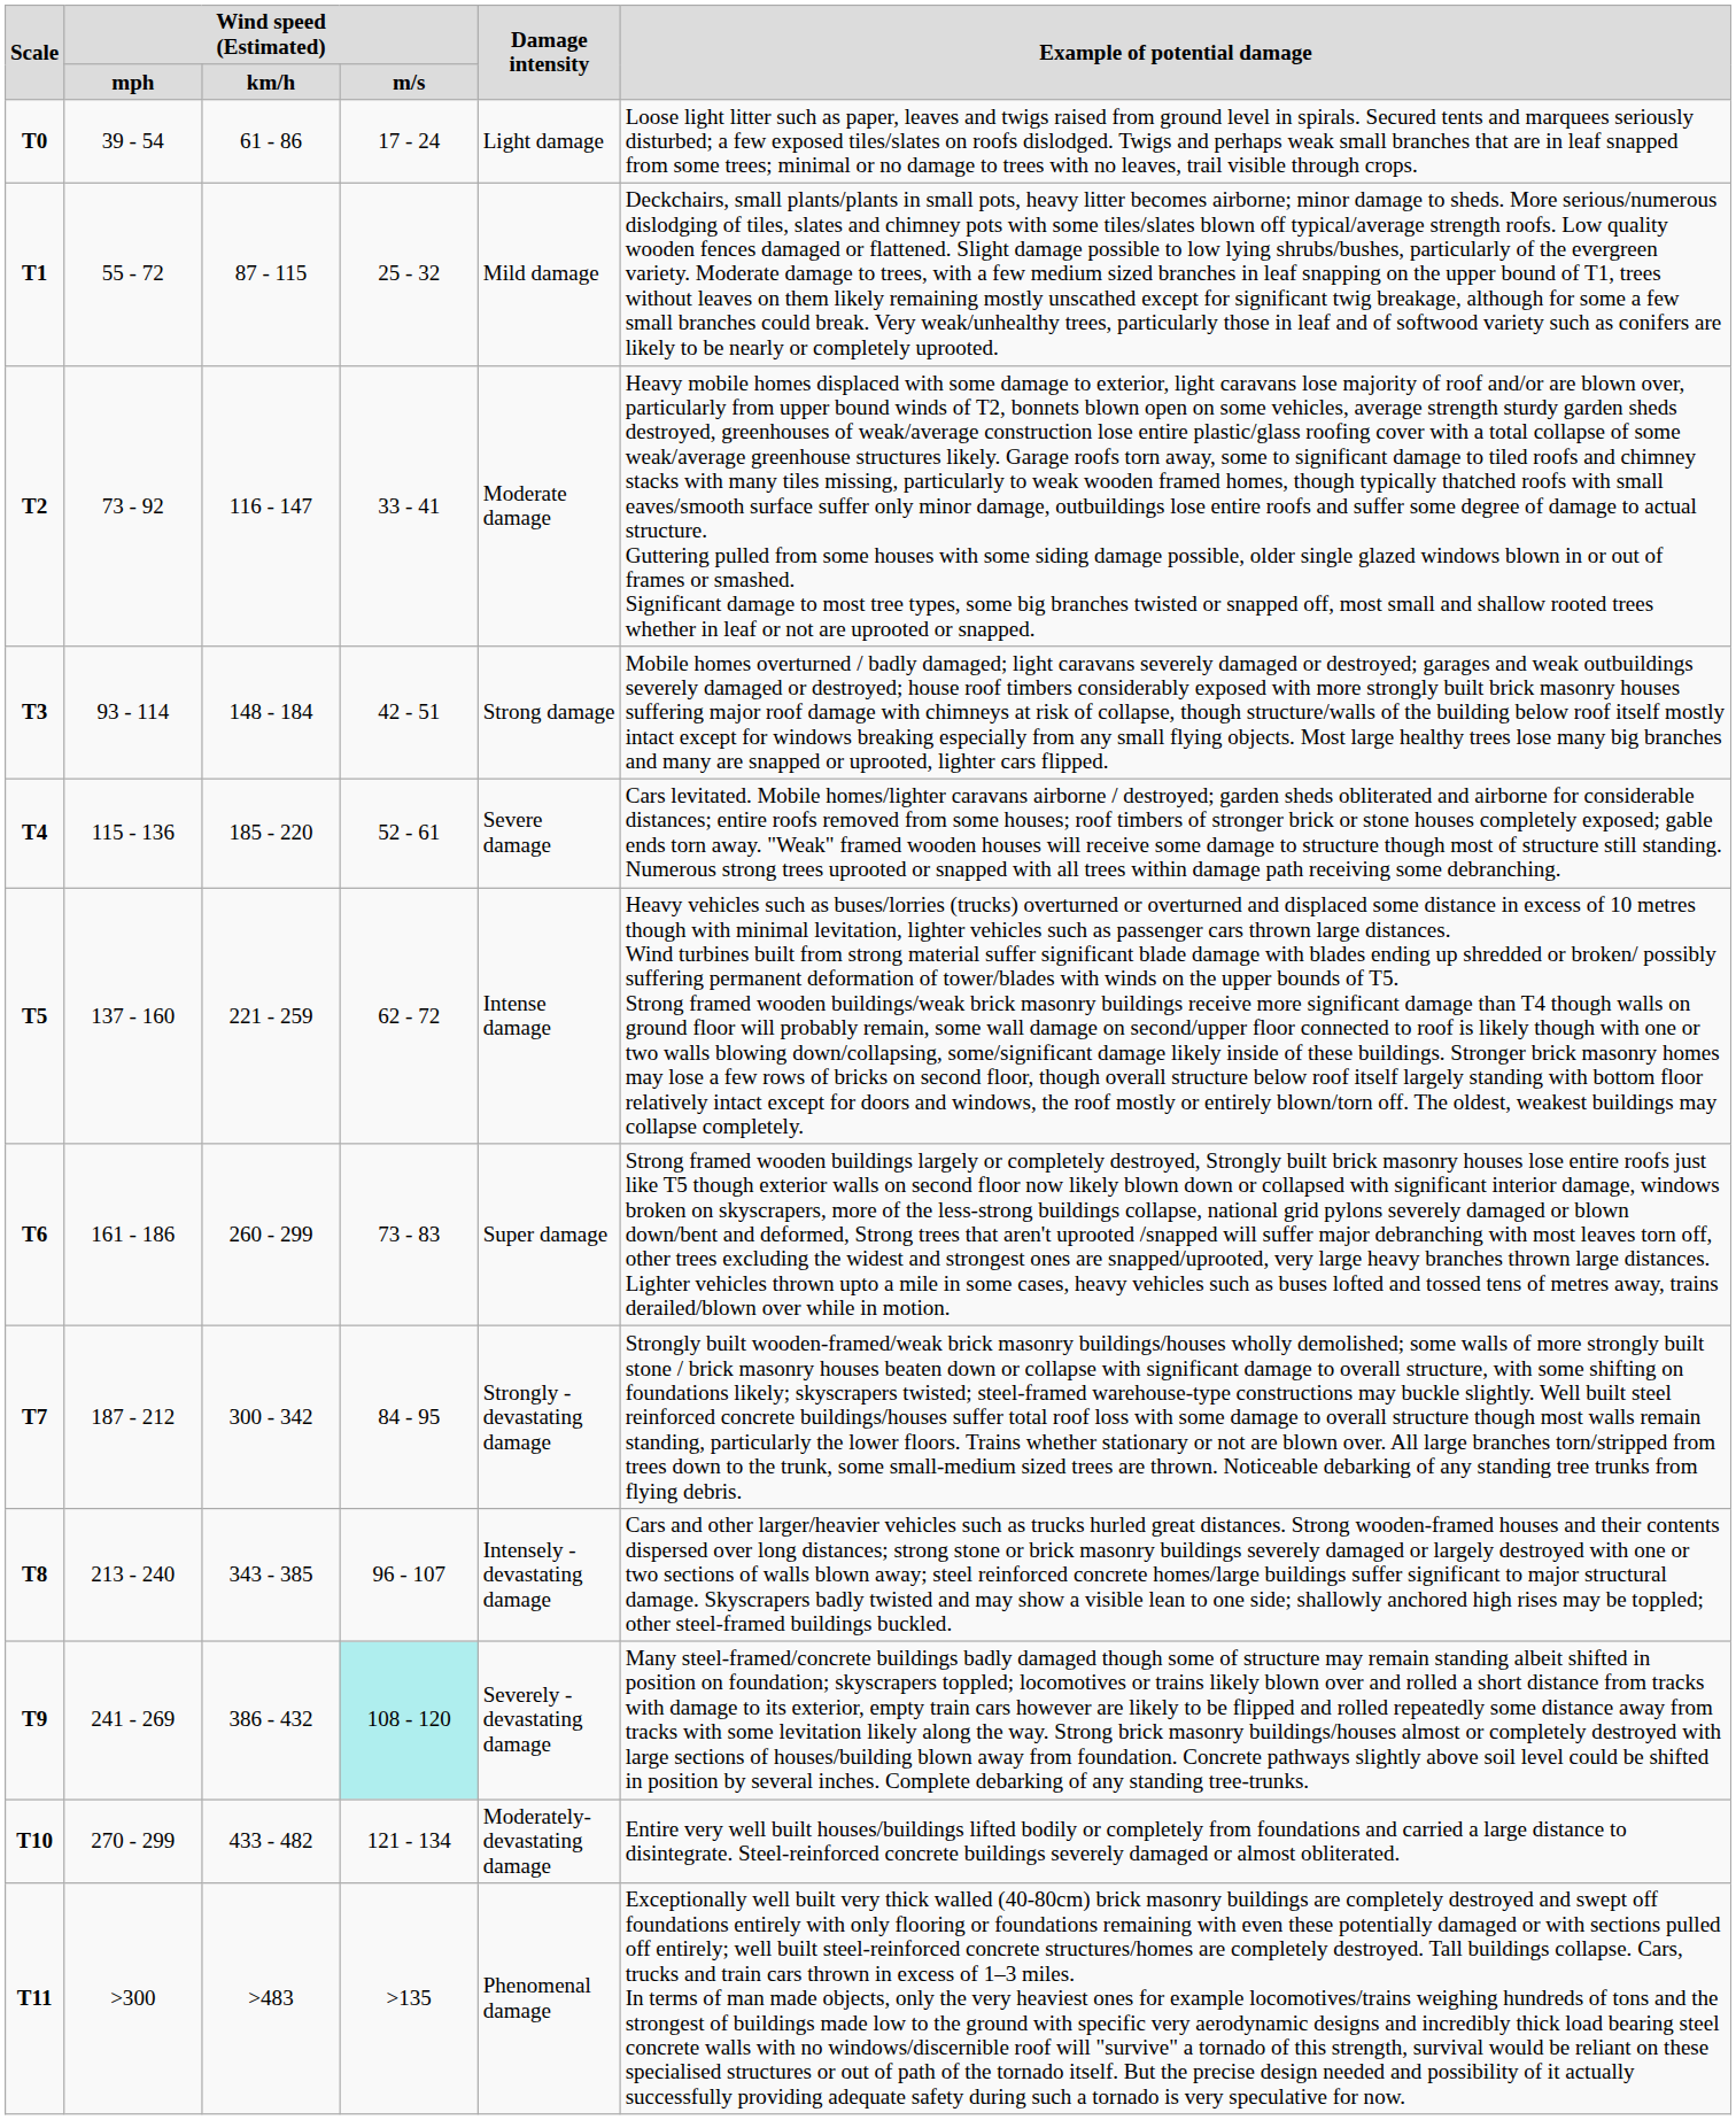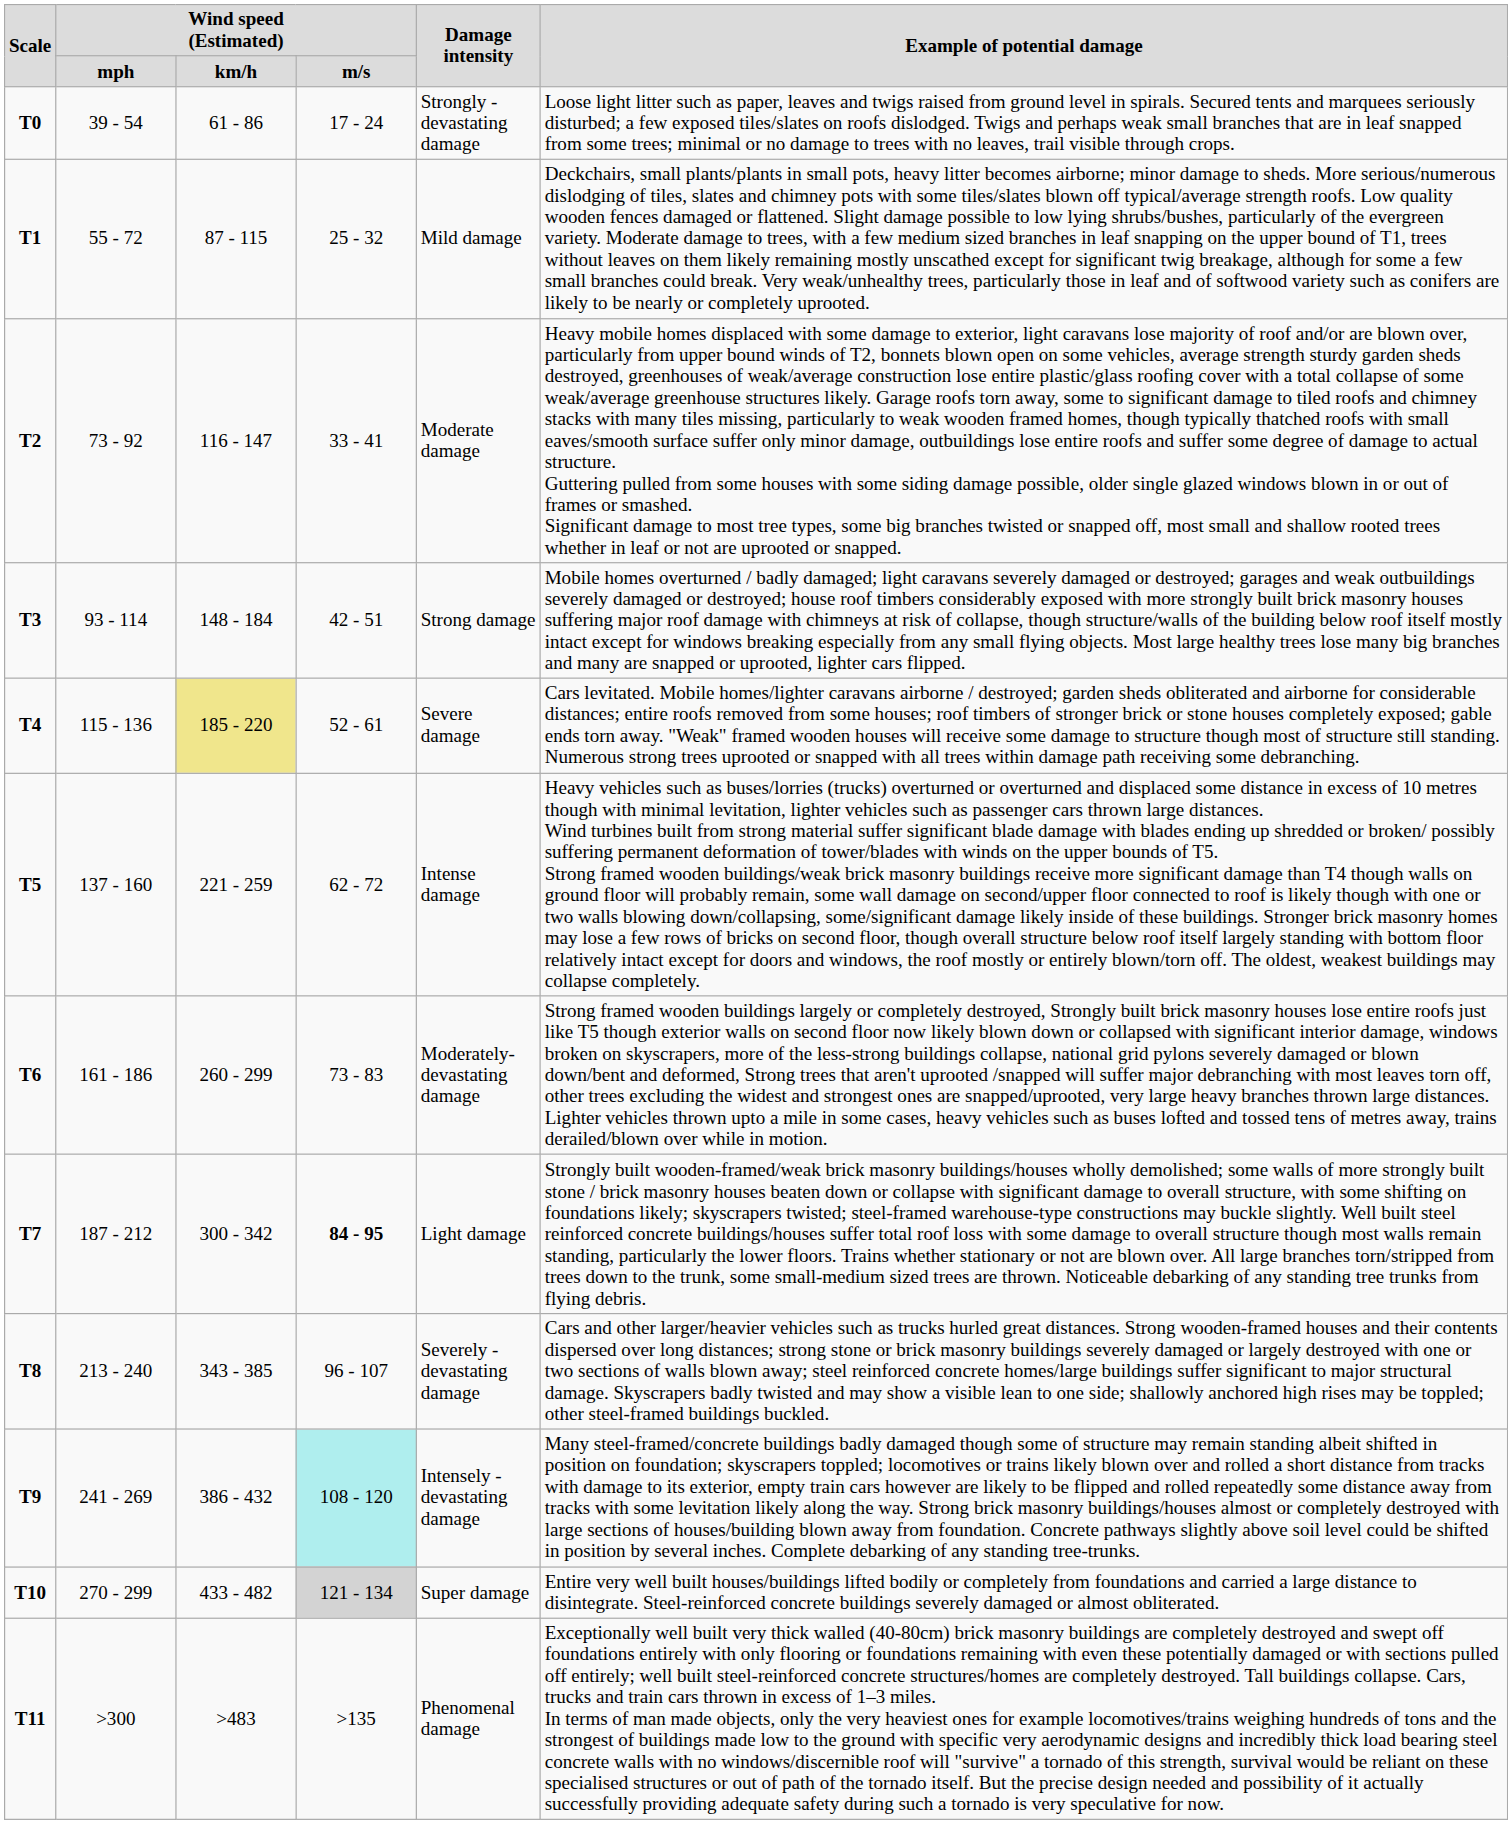 <table class="wikitable" width="100%">
 <tr style="text-align:center; background:gainsboro;">
 <td rowspan="2"><strong>Scale</strong></td>
 <td colspan="3"><strong>Wind speed</strong><br><strong>(Estimated)</strong></td>
 <td rowspan="2"><strong>Damage intensity</strong></td>
 <td rowspan="2"><strong>Example of potential damage</strong></td>
 </tr>
 <tr style="text-align:center; background:gainsboro;">
 <td><strong>mph</strong></td>
 <td><strong>km/h</strong></td>
 <td><strong>m/s</strong></td>
 </tr>
 <tr>
 <td align="center"><strong>T0</strong></td>
 <td style="text-align:center; width:8%;">39 - 54</td>
 <td style="text-align:center; width:8%;">61 - 86</td>
 <td style="text-align:center; width:8%;">17 - 24</td>
-<td>Light damage</td>
+<td>Strongly - devastating damage</td>
 <td>Loose light litter such as paper, leaves and twigs raised from ground level in spirals. Secured tents and marquees seriously disturbed; a few exposed tiles/slates on roofs dislodged. Twigs and perhaps weak small branches that are in leaf snapped from some trees; minimal or no damage to trees with no leaves, trail visible through crops.</td>
 </tr>
 <tr>
 <td align="center"><strong>T1</strong></td>
 <td style="text-align:center; width:8%;">55 - 72</td>
 <td style="text-align:center; width:8%;">87 - 115</td>
 <td style="text-align:center; width:8%;">25 - 32</td>
 <td>Mild damage</td>
 <td>Deckchairs, small plants/plants in small pots, heavy litter becomes airborne; minor damage to sheds. More serious/numerous dislodging of tiles, slates and chimney pots with some tiles/slates blown off typical/average strength roofs. Low quality wooden fences damaged or flattened. Slight damage possible to low lying shrubs/bushes, particularly of the evergreen variety. Moderate damage to trees, with a few medium sized branches in leaf snapping on the upper bound of T1, trees without leaves on them likely remaining mostly unscathed except for significant twig breakage, although for some a few small branches could break. Very weak/unhealthy trees, particularly those in leaf and of softwood variety such as conifers are likely to be nearly or completely uprooted.</td>
 </tr>
 <tr>
 <td align="center"><strong>T2</strong></td>
 <td style="text-align:center; width:8%;">73 - 92</td>
 <td style="text-align:center; width:8%;">116 - 147</td>
 <td style="text-align:center; width:8%;">33 - 41</td>
 <td>Moderate damage</td>
 <td>Heavy mobile homes displaced with some damage to exterior, light caravans lose majority of roof and/or are blown over, particularly from upper bound winds of T2, bonnets blown open on some vehicles, average strength sturdy garden sheds destroyed, greenhouses of weak/average construction lose entire plastic/glass roofing cover with a total collapse of some weak/average greenhouse structures likely. Garage roofs torn away, some to significant damage to tiled roofs and chimney stacks with many tiles missing, particularly to weak wooden framed homes, though typically thatched roofs with small eaves/smooth surface suffer only minor damage, outbuildings lose entire roofs and suffer some degree of damage to actual structure.<br>Guttering pulled from some houses with some siding damage possible, older single glazed windows blown in or out of frames or smashed.<br>Significant damage to most tree types, some big branches twisted or snapped off, most small and shallow rooted trees whether in leaf or not are uprooted or snapped.</td>
 </tr>
 <tr>
 <td align="center"><strong>T3</strong></td>
 <td style="text-align:center; width:8%;">93 - 114</td>
 <td style="text-align:center; width:8%;">148 - 184</td>
 <td style="text-align:center; width:8%;">42 - 51</td>
 <td>Strong damage</td>
 <td>Mobile homes overturned / badly damaged; light caravans severely damaged or destroyed; garages and weak outbuildings severely damaged or destroyed; house roof timbers considerably exposed with more strongly built brick masonry houses suffering major roof damage with chimneys at risk of collapse, though structure/walls of the building below roof itself mostly intact except for windows breaking especially from any small flying objects. Most large healthy trees lose many big branches and many are snapped or uprooted, lighter cars flipped.</td>
 </tr>
 <tr>
 <td align="center"><strong>T4</strong></td>
 <td style="text-align:center; width:8%;">115 - 136</td>
-<td style="text-align:center; width:8%;">185 - 220</td>
+<td style="background: khaki; text-align:center; width:8%;">185 - 220</td>
 <td style="text-align:center; width:8%;">52 - 61</td>
 <td>Severe damage</td>
 <td>Cars levitated. Mobile homes/lighter caravans airborne / destroyed; garden sheds obliterated and airborne for considerable distances; entire roofs removed from some houses; roof timbers of stronger brick or stone houses completely exposed; gable ends torn away. "Weak" framed wooden houses will receive some damage to structure though most of structure still standing. Numerous strong trees uprooted or snapped with all trees within damage path receiving some debranching.</td>
 </tr>
 <tr>
 <td align="center"><strong>T5</strong></td>
 <td style="text-align:center; width:8%;">137 - 160</td>
 <td style="text-align:center; width:8%;">221 - 259</td>
 <td style="text-align:center; width:8%;">62 - 72</td>
 <td>Intense damage</td>
 <td>Heavy vehicles such as buses/lorries (trucks) overturned or overturned and displaced some distance in excess of 10 metres though with minimal levitation, lighter vehicles such as passenger cars thrown large distances.<br>Wind turbines built from strong material suffer significant blade damage with blades ending up shredded or broken/ possibly suffering permanent deformation of tower/blades with winds on the upper bounds of T5.<br>Strong framed wooden buildings/weak brick masonry buildings receive more significant damage than T4 though walls on ground floor will probably remain, some wall damage on second/upper floor connected to roof is likely though with one or two walls blowing down/collapsing, some/significant damage likely inside of these buildings. Stronger brick masonry homes may lose a few rows of bricks on second floor, though overall structure below roof itself largely standing with bottom floor relatively intact except for doors and windows, the roof mostly or entirely blown/torn off. The oldest, weakest buildings may collapse completely.</td>
 </tr>
 <tr>
 <td align="center"><strong>T6</strong></td>
 <td style="text-align:center; width:8%;">161 - 186</td>
 <td style="text-align:center; width:8%;">260 - 299</td>
 <td style="text-align:center; width:8%;">73 - 83</td>
-<td>Super damage</td>
+<td>Moderately-devastating damage</td>
 <td>Strong framed wooden buildings largely or completely destroyed, Strongly built brick masonry houses lose entire roofs just like T5 though exterior walls on second floor now likely blown down or collapsed with significant interior damage, windows broken on skyscrapers, more of the less-strong buildings collapse, national grid pylons severely damaged or blown down/bent and deformed, Strong trees that aren't uprooted /snapped will suffer major debranching with most leaves torn off, other trees excluding the widest and strongest ones are snapped/uprooted, very large heavy branches thrown large distances.<br>Lighter vehicles thrown upto a mile in some cases, heavy vehicles such as buses lofted and tossed tens of metres away, trains derailed/blown over while in motion.</td>
 </tr>
 <tr>
 <td align="center"><strong>T7</strong></td>
 <td style="text-align:center; width:8%;">187 - 212</td>
 <td style="text-align:center; width:8%;">300 - 342</td>
-<td style="text-align:center; width:8%;">84 - 95</td>
-<td>Strongly - devastating damage</td>
+<td style="text-align:center; width:8%;"><strong>84 - 95</strong></td>
+<td>Light damage</td>
 <td>Strongly built wooden-framed/weak brick masonry buildings/houses wholly demolished; some walls of more strongly built stone / brick masonry houses beaten down or collapse with significant damage to overall structure, with some shifting on foundations likely; skyscrapers twisted; steel-framed warehouse-type constructions may buckle slightly. Well built steel reinforced concrete buildings/houses suffer total roof loss with some damage to overall structure though most walls remain standing, particularly the lower floors. Trains whether stationary or not are blown over. All large branches torn/stripped from trees down to the trunk, some small-medium sized trees are thrown. Noticeable debarking of any standing tree trunks from flying debris.</td>
 </tr>
 <tr>
 <td align="center"><strong>T8</strong></td>
 <td style="text-align:center; width:8%;">213 - 240</td>
 <td style="text-align:center; width:8%;">343 - 385</td>
 <td style="text-align:center; width:8%;">96 - 107</td>
-<td>Intensely -devastating damage</td>
+<td>Severely - devastating damage</td>
 <td>Cars and other larger/heavier vehicles such as trucks hurled great distances. Strong wooden-framed houses and their contents dispersed over long distances; strong stone or brick masonry buildings severely damaged or largely destroyed with one or two sections of walls blown away; steel reinforced concrete homes/large buildings suffer significant to major structural damage. Skyscrapers badly twisted and may show a visible lean to one side; shallowly anchored high rises may be toppled; other steel-framed buildings buckled.</td>
 </tr>
 <tr>
 <td align="center"><strong>T9</strong></td>
 <td style="text-align:center; width:8%;">241 - 269</td>
 <td style="text-align:center; width:8%;">386 - 432</td>
 <td style="background: paleturquoise; text-align:center; width:8%;">108 - 120</td>
-<td>Severely - devastating damage</td>
+<td>Intensely -devastating damage</td>
 <td>Many steel-framed/concrete buildings badly damaged though some of structure may remain standing albeit shifted in position on foundation; skyscrapers toppled; locomotives or trains likely blown over and rolled a short distance from tracks with damage to its exterior, empty train cars however are likely to be flipped and rolled repeatedly some distance away from tracks with some levitation likely along the way. Strong brick masonry buildings/houses almost or completely destroyed with large sections of houses/building blown away from foundation. Concrete pathways slightly above soil level could be shifted in position by several inches. Complete debarking of any standing tree-trunks.</td>
 </tr>
 <tr>
 <td align="center"><strong>T10</strong></td>
 <td style="text-align:center; width:8%;">270 - 299</td>
 <td style="text-align:center; width:8%;">433 - 482</td>
-<td style="text-align:center; width:8%;">121 - 134</td>
-<td>Moderately-devastating damage</td>
+<td style="background: lightgrey; text-align:center; width:8%;">121 - 134</td>
+<td>Super damage</td>
 <td>Entire very well built houses/buildings lifted bodily or completely from foundations and carried a large distance to disintegrate. Steel-reinforced concrete buildings severely damaged or almost obliterated.</td>
 </tr>
 <tr>
 <td align="center"><strong>T11</strong></td>
 <td style="text-align:center; width:8%;">>300</td>
 <td style="text-align:center; width:8%;">>483</td>
 <td style="text-align:center; width:8%;">>135</td>
 <td>Phenomenal damage</td>
 <td>Exceptionally well built very thick walled (40-80cm) brick masonry buildings are completely destroyed and swept off foundations entirely with only flooring or foundations remaining with even these potentially damaged or with sections pulled off entirely; well built steel-reinforced concrete structures/homes are completely destroyed. Tall buildings collapse. Cars, trucks and train cars thrown in excess of 1–3 miles.<br>In terms of man made objects, only the very heaviest ones for example locomotives/trains weighing hundreds of tons and the strongest of buildings made low to the ground with specific very aerodynamic designs and incredibly thick load bearing steel concrete walls with no windows/discernible roof will "survive" a tornado of this strength, survival would be reliant on these specialised structures or out of path of the tornado itself. But the precise design needed and possibility of it actually successfully providing adequate safety during such a tornado is very speculative for now.</td>
 </tr>
 </table>
